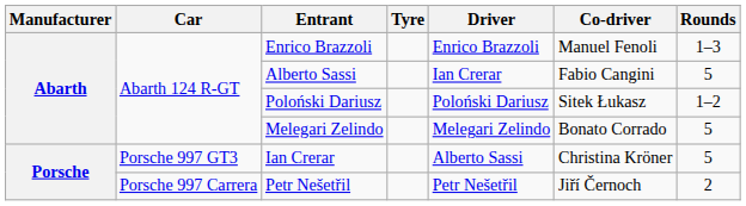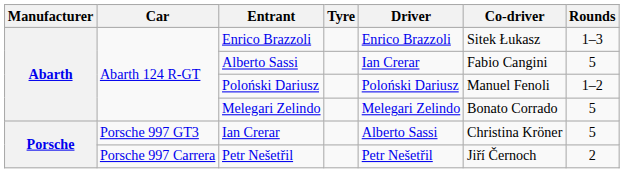 <table class="wikitable" style="font-size:85%">
 <tr>
 <th>Manufacturer</th>
 <th>Car</th>
 <th>Entrant</th>
 <th>Tyre</th>
 <th>Driver</th>
 <th>Co-driver</th>
 <th>Rounds</th>
 </tr>
 <tr>
 <th rowspan="4"><a href='#'>Abarth</a></th>
 <td rowspan="4"><a href='#'>Abarth 124 R-GT</a></td>
 <td> <a href='#'>Enrico Brazzoli</a></td>
 <td></td>
 <td> <a href='#'>Enrico Brazzoli</a></td>
-<td> Manuel Fenoli</td>
+<td> Sitek Łukasz</td>
 <td align="center">1–3</td>
 </tr>
 <tr>
 <td> <a href='#'>Alberto Sassi</a></td>
 <td></td>
 <td> <a href='#'>Ian Crerar</a></td>
 <td> Fabio Cangini</td>
 <td align="center">5</td>
 </tr>
 <tr>
 <td> <a href='#'>Poloński Dariusz</a></td>
 <td></td>
 <td> <a href='#'>Poloński Dariusz</a></td>
-<td> Sitek Łukasz</td>
+<td> Manuel Fenoli</td>
 <td align="center">1–2</td>
 </tr>
 <tr>
 <td> <a href='#'>Melegari Zelindo</a></td>
 <td></td>
 <td> <a href='#'>Melegari Zelindo</a></td>
 <td> Bonato Corrado</td>
 <td align="center">5</td>
 </tr>
 <tr>
 <th rowspan="2"><a href='#'>Porsche</a></th>
 <td><a href='#'>Porsche 997 GT3</a></td>
 <td> <a href='#'>Ian Crerar</a></td>
 <td></td>
 <td> <a href='#'>Alberto Sassi</a></td>
 <td> Christina Kröner</td>
 <td align="center">5</td>
 </tr>
 <tr>
 <td><a href='#'>Porsche 997 Carrera</a></td>
 <td> <a href='#'>Petr Nešetřil</a></td>
 <td></td>
 <td> <a href='#'>Petr Nešetřil</a></td>
 <td> Jiří Černoch</td>
 <td align="center">2</td>
 </tr>
 </table>
